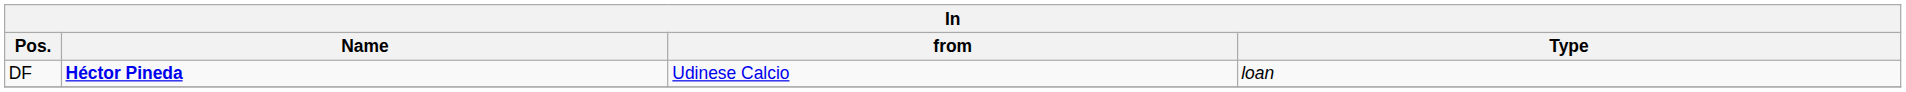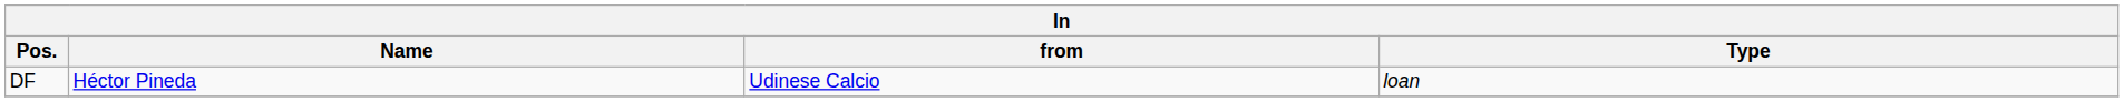 <table class="wikitable" style="font-size:90%;width:99%;">
 <tr>
 <th colspan="4">In</th>
 </tr>
 <tr>
 <th width=3%>Pos.</th>
 <th width=32%>Name</th>
 <th width=30%>from</th>
 <th width=35%>Type</th>
 </tr>
 <tr>
 <td>DF</td>
-<td><strong><a href='#'>Héctor Pineda</a></strong></td>
+<td><a href='#'>Héctor Pineda</a></td>
 <td><a href='#'>Udinese Calcio</a></td>
 <td><em>loan</em></td>
 </tr>
 <tr>
 </tr>
 </table>
